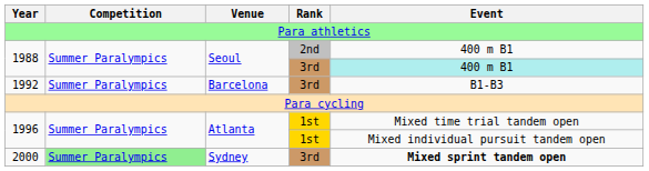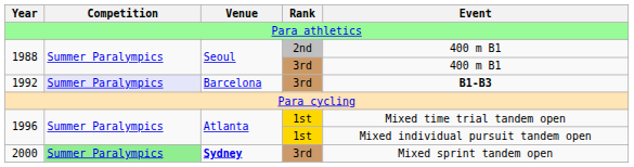 <table class="wikitable" width=60% style="font-size:100%; text-align:center;">
 <tr>
 <th>Year</th>
 <th>Competition</th>
 <th>Venue</th>
 <th>Rank</th>
 <th>Event</th>
 </tr>
 <tr>
 <td colspan=5 bgcolor=palegreen><a href='#'>Para athletics</a></td>
 </tr>
 <tr>
 <td rowspan=2>1988</td>
 <td rowspan=2 align=left><a href='#'>Summer Paralympics</a></td>
 <td rowspan=2 align=left> <a href='#'>Seoul</a></td>
 <td bgcolor=silver>2nd</td>
 <td>400 m B1</td>
 </tr>
 <tr>
 <td bgcolor=cc9966>3rd</td>
-<td style="background: paleturquoise;">400 m B1</td>
+<td>400 m B1</td>
 </tr>
 <tr>
 <td rowspan=1>1992</td>
-<td rowspan=1 align=left><a href='#'>Summer Paralympics</a></td>
+<td rowspan=1 align=left style="background: lavender;"><a href='#'>Summer Paralympics</a></td>
 <td rowspan=1 align=left> <a href='#'>Barcelona</a></td>
 <td bgcolor=cc9966>3rd</td>
-<td> B1-B3</td>
+<td><strong> B1-B3</strong></td>
 </tr>
 <tr>
 <td colspan=5 bgcolor=moccasin><a href='#'>Para cycling</a></td>
 </tr>
 <tr>
 <td rowspan=2>1996</td>
 <td rowspan=2 align=left><a href='#'>Summer Paralympics</a></td>
 <td rowspan=2 align=left> <a href='#'>Atlanta</a></td>
 <td bgcolor=gold>1st</td>
 <td>Mixed time trial tandem open</td>
 </tr>
 <tr>
 <td bgcolor=gold>1st</td>
 <td>Mixed individual pursuit tandem open</td>
 </tr>
 <tr>
 <td rowspan=1>2000</td>
 <td rowspan=1 align=left style="background: lightgreen;"><a href='#'>Summer Paralympics</a></td>
-<td rowspan=1 align=left> <a href='#'>Sydney</a></td>
+<td rowspan=1 align=left><strong> <a href='#'>Sydney</a></strong></td>
 <td bgcolor=cc9968>3rd</td>
-<td><strong>Mixed sprint tandem open</strong></td>
+<td>Mixed sprint tandem open</td>
 </tr>
 </table>
